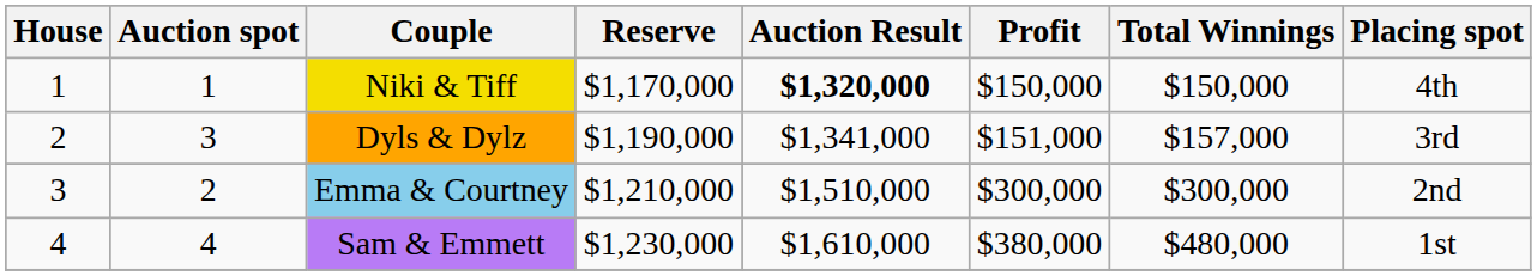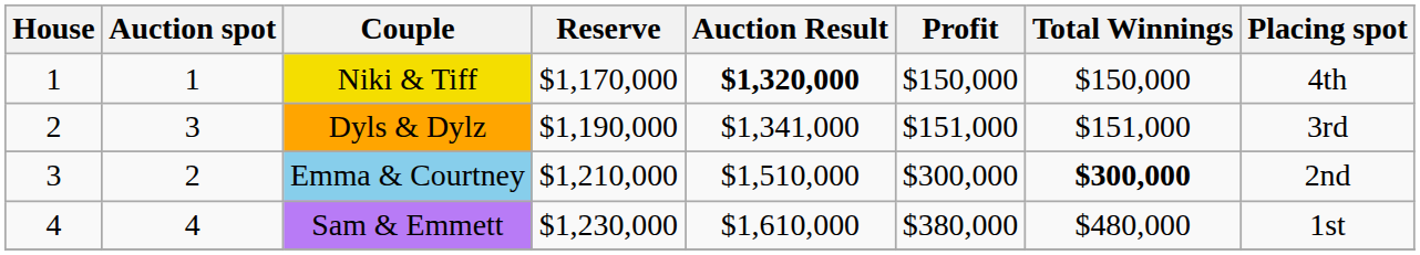 <table class="wikitable" style="text-align: center" |>
 <tr>
 <th>House</th>
 <th>Auction spot</th>
 <th>Couple</th>
 <th>Reserve</th>
 <th>Auction Result</th>
 <th>Profit</th>
 <th>Total Winnings</th>
 <th>Placing spot</th>
 </tr>
 <tr>
 <td>1</td>
 <td>1</td>
 <td style="background:#f4de00; colour:black;">Niki & Tiff</td>
 <td>$1,170,000</td>
 <td><strong>$1,320,000</strong></td>
 <td>$150,000</td>
 <td>$150,000</td>
 <td>4th</td>
 </tr>
 <tr>
 <td>2</td>
 <td>3</td>
 <td style="background:#B87BF6; background-color:orange">Dyls & Dylz</td>
 <td>$1,190,000</td>
 <td>$1,341,000</td>
 <td>$151,000</td>
-<td>$157,000</td>
+<td>$151,000</td>
 <td>3rd</td>
 </tr>
 <tr>
 <td>3</td>
 <td>2</td>
 <td style="background-color:skyblue;">Emma & Courtney</td>
 <td>$1,210,000</td>
 <td>$1,510,000</td>
 <td>$300,000</td>
-<td>$300,000</td>
+<td><strong>$300,000</strong></td>
 <td>2nd</td>
 </tr>
 <tr>
 <td>4</td>
 <td>4</td>
 <td style='background:#B87BF6;'>Sam & Emmett</td>
 <td>$1,230,000</td>
 <td>$1,610,000</td>
 <td>$380,000</td>
 <td>$480,000</td>
 <td>1st</td>
 </tr>
 <tr>
 </tr>
 </table>
